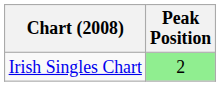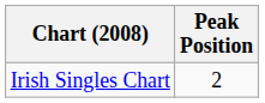 <table class="wikitable sortable">
 <tr>
 <th align="left">Chart (2008)</th>
 <th align="center">Peak<br> Position</th>
 </tr>
 <tr>
 <td align="left"><a href='#'>Irish Singles Chart</a></td>
-<td align="center" style="background: lightgreen;">2</td>
+<td align="center">2</td>
 </tr>
 </table>
